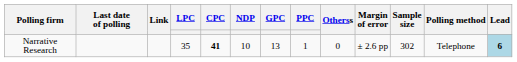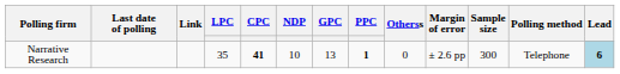 <table class="wikitable sortable mw-datatable" style="text-align:center;font-size:90%;line-height:14px;">
 <tr style="height:40px;">
 <th style="width:105px;" rowspan="2">Polling firm</th>
 <th style="width:105px;" rowspan="2">Last date<br>of polling</th>
 <th rowspan="2">Link</th>
 <th style="width:40px;"><a href='#'>LPC</a></th>
 <th style="width:40px;"><a href='#'>CPC</a></th>
 <th style="width:40px;"><a href='#'>NDP</a></th>
 <th style="width:40px;"><a href='#'>GPC</a></th>
 <th style="width:40px;"><a href='#'>PPC</a></th>
 <th rowspan="2" style="width:40px"><a href='#'>Others</a>s</th>
 <th rowspan="2">Margin<br>of error</th>
 <th rowspan="2">Sample<br>size</th>
 <th rowspan="2">Polling method</th>
 <th rowspan="2">Lead</th>
 </tr>
 <tr class="sorttop">
 <th style="background:"></th>
 <th style="background:"></th>
 <th style="background:"></th>
 <th style="background:"></th>
 <th style="background:"></th>
 </tr>
 <tr>
 <td>Narrative Research</td>
 <td></td>
 <td></td>
 <td>35</td>
 <td><strong>41</strong></td>
 <td>10</td>
 <td>13</td>
-<td>1</td>
+<td><strong>1</strong></td>
 <td>0</td>
 <td>± 2.6 pp</td>
-<td>302</td>
+<td>300</td>
 <td>Telephone</td>
 <td style="background: lightblue;"><strong>6</strong></td>
 </tr>
 </table>
